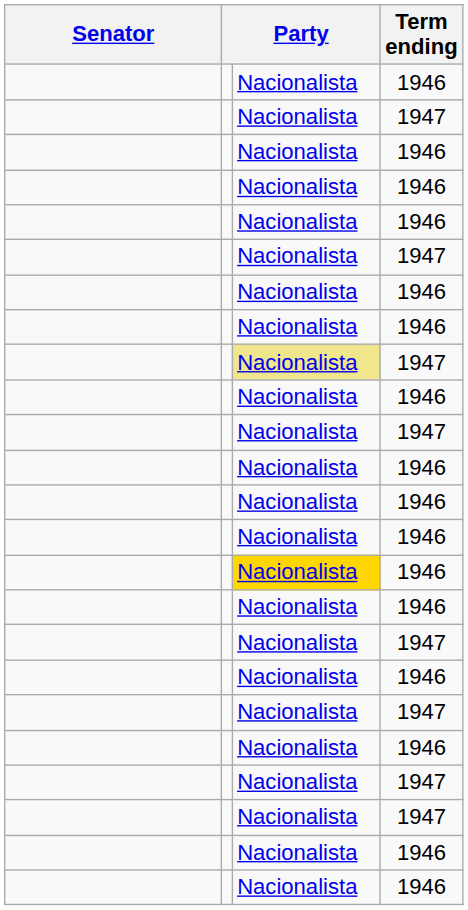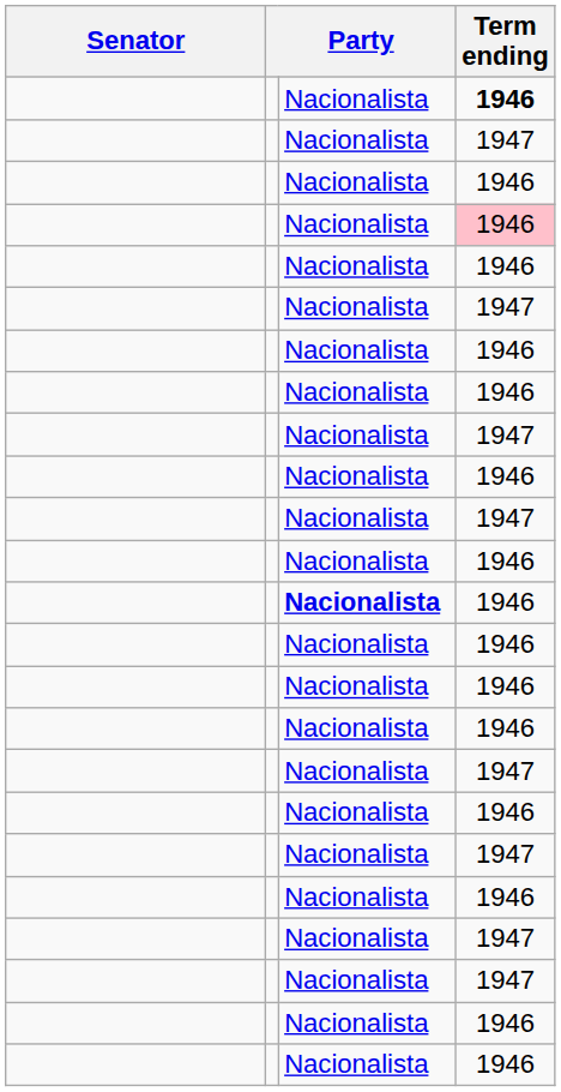 <table class="wikitable sortable">
 <tr>
 <th width="150px"><a href='#'>Senator</a></th>
 <th colspan="2"><a href='#'>Party</a></th>
 <th width="50px">Term ending</th>
 </tr>
 <tr>
 <td></td>
 <td></td>
 <td width="100px"><a href='#'>Nacionalista</a></td>
-<td align="center">1946</td>
+<td align="center"><strong>1946</strong></td>
 </tr>
 <tr>
 <td></td>
 <td></td>
 <td><a href='#'>Nacionalista</a></td>
 <td align="center">1947</td>
 </tr>
 <tr>
 <td></td>
 <td></td>
 <td><a href='#'>Nacionalista</a></td>
 <td align="center">1946</td>
+</tr>
+<tr>
+<td></td>
+<td></td>
+<td><a href='#'>Nacionalista</a></td>
+<td align="center" style="background: pink;">1946</td>
+</tr>
+<tr>
+<td></td>
+<td></td>
+<td><a href='#'>Nacionalista</a></td>
+<td align="center">1946</td>
+</tr>
+<tr>
+<td></td>
+<td></td>
+<td><a href='#'>Nacionalista</a></td>
+<td align="center">1947</td>
 </tr>
 <tr>
 <td></td>
 <td></td>
 <td><a href='#'>Nacionalista</a></td>
 <td align="center">1946</td>
 </tr>
 <tr>
 <td></td>
 <td></td>
 <td><a href='#'>Nacionalista</a></td>
 <td align="center">1946</td>
 </tr>
 <tr>
 <td></td>
 <td></td>
 <td><a href='#'>Nacionalista</a></td>
 <td align="center">1947</td>
 </tr>
 <tr>
 <td></td>
 <td></td>
 <td><a href='#'>Nacionalista</a></td>
 <td align="center">1946</td>
 </tr>
 <tr>
 <td></td>
 <td></td>
 <td><a href='#'>Nacionalista</a></td>
-<td align="center">1946</td>
-</tr>
-<tr>
-<td></td>
-<td></td>
-<td style="background: khaki;"><a href='#'>Nacionalista</a></td>
 <td align="center">1947</td>
 </tr>
 <tr>
 <td></td>
 <td></td>
 <td><a href='#'>Nacionalista</a></td>
 <td align="center">1946</td>
 </tr>
 <tr>
 <td></td>
 <td></td>
-<td><a href='#'>Nacionalista</a></td>
-<td align="center">1947</td>
-</tr>
-<tr>
-<td></td>
-<td></td>
-<td><a href='#'>Nacionalista</a></td>
+<td><strong><a href='#'>Nacionalista</a></strong></td>
 <td align="center">1946</td>
 </tr>
 <tr>
 <td></td>
 <td></td>
 <td><a href='#'>Nacionalista</a></td>
 <td align="center">1946</td>
 </tr>
 <tr>
 <td></td>
 <td></td>
 <td><a href='#'>Nacionalista</a></td>
-<td align="center">1946</td>
-</tr>
-<tr>
-<td></td>
-<td></td>
-<td style="background: gold;"><a href='#'>Nacionalista</a></td>
 <td align="center">1946</td>
 </tr>
 <tr>
 <td></td>
 <td></td>
 <td><a href='#'>Nacionalista</a></td>
 <td align="center">1946</td>
 </tr>
 <tr>
 <td></td>
 <td></td>
 <td><a href='#'>Nacionalista</a></td>
 <td align="center">1947</td>
 </tr>
 <tr>
 <td></td>
 <td></td>
 <td><a href='#'>Nacionalista</a></td>
 <td align="center">1946</td>
 </tr>
 <tr>
 <td></td>
 <td></td>
 <td><a href='#'>Nacionalista</a></td>
 <td align="center">1947</td>
 </tr>
 <tr>
 <td></td>
 <td></td>
 <td><a href='#'>Nacionalista</a></td>
 <td align="center">1946</td>
 </tr>
 <tr>
 <td></td>
 <td></td>
 <td><a href='#'>Nacionalista</a></td>
 <td align="center">1947</td>
 </tr>
 <tr>
 <td></td>
 <td></td>
 <td><a href='#'>Nacionalista</a></td>
 <td align="center">1947</td>
 </tr>
 <tr>
 <td></td>
 <td></td>
 <td><a href='#'>Nacionalista</a></td>
 <td align="center">1946</td>
 </tr>
 <tr>
 <td></td>
 <td></td>
 <td><a href='#'>Nacionalista</a></td>
 <td align="center">1946</td>
 </tr>
 </table>
